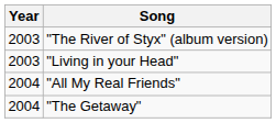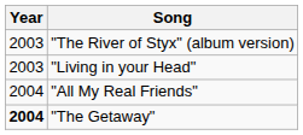 <table class="wikitable">
 <tr>
 <th>Year</th>
 <th>Song</th>
 </tr>
 <tr>
 <td>2003</td>
 <td>"The River of Styx" (album version)</td>
 </tr>
 <tr>
 <td>2003</td>
 <td>"Living in your Head"</td>
 </tr>
 <tr>
 <td>2004</td>
 <td>"All My Real Friends"</td>
 </tr>
 <tr>
-<td>2004</td>
+<td><strong>2004</strong></td>
 <td>"The Getaway"</td>
 </tr>
 </table>
